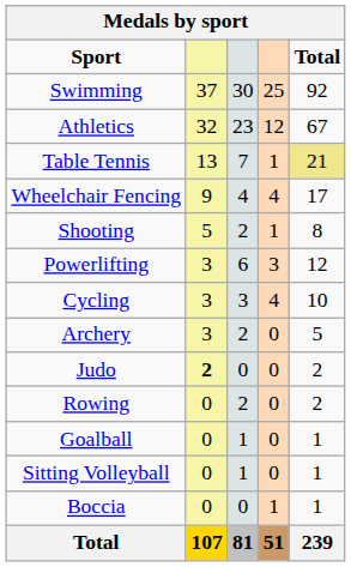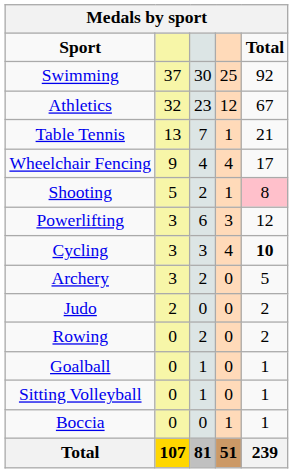 <table class="wikitable" style="font-size:85%; float:right;">
 <tr style="background:#efefef;">
 <th colspan=7>Medals by sport</th>
 </tr>
 <tr align=center>
 <td><strong>Sport</strong></td>
 <td style="background:#f7f6a8;"></td>
 <td style="background:#dce5e5;"></td>
 <td style="background:#ffdab9;"></td>
 <td><strong>Total</strong></td>
 </tr>
 <tr align=center>
 <td><a href='#'>Swimming</a></td>
 <td style="background:#f7f6a8;">37</td>
 <td style="background:#dce5e5;">30</td>
 <td style="background:#ffdab9;">25</td>
 <td>92</td>
 </tr>
 <tr align=center>
 <td><a href='#'>Athletics</a></td>
 <td style="background:#f7f6a8;">32</td>
 <td style="background:#dce5e5;">23</td>
 <td style="background:#ffdab9;">12</td>
 <td>67</td>
 </tr>
 <tr align=center>
 <td><a href='#'>Table Tennis</a></td>
 <td style="background:#f7f6a8;">13</td>
 <td style="background:#dce5e5;">7</td>
 <td style="background:#ffdab9;">1</td>
-<td style="background: khaki;">21</td>
+<td>21</td>
 </tr>
 <tr align=center>
 <td><a href='#'>Wheelchair Fencing</a></td>
 <td style="background:#f7f6a8;">9</td>
 <td style="background:#dce5e5;">4</td>
 <td style="background:#ffdab9;">4</td>
 <td>17</td>
 </tr>
 <tr align=center>
 <td><a href='#'>Shooting</a></td>
 <td style="background:#f7f6a8;">5</td>
 <td style="background:#dce5e5;">2</td>
 <td style="background:#ffdab9;">1</td>
-<td>8</td>
+<td style="background: pink;">8</td>
 </tr>
 <tr align=center>
 <td><a href='#'>Powerlifting</a></td>
 <td style="background:#f7f6a8;">3</td>
 <td style="background:#dce5e5;">6</td>
 <td style="background:#ffdab9;">3</td>
 <td>12</td>
 </tr>
 <tr align=center>
 <td><a href='#'>Cycling</a></td>
 <td style="background:#f7f6a8;">3</td>
 <td style="background:#dce5e5;">3</td>
 <td style="background:#ffdab9;">4</td>
-<td>10</td>
+<td><strong>10</strong></td>
 </tr>
 <tr align=center>
 <td><a href='#'>Archery</a></td>
 <td style="background:#f7f6a8;">3</td>
 <td style="background:#dce5e5;">2</td>
 <td style="background:#ffdab9;">0</td>
 <td>5</td>
 </tr>
 <tr align=center>
 <td><a href='#'>Judo</a></td>
-<td style="background:#f7f6a8;"><strong>2</strong></td>
+<td style="background:#f7f6a8;">2</td>
 <td style="background:#dce5e5;">0</td>
 <td style="background:#ffdab9;">0</td>
 <td>2</td>
 </tr>
 <tr align=center>
 <td><a href='#'>Rowing</a></td>
 <td style="background:#f7f6a8;">0</td>
 <td style="background:#dce5e5;">2</td>
 <td style="background:#ffdab9;">0</td>
 <td>2</td>
 </tr>
 <tr align=center>
 <td><a href='#'>Goalball</a></td>
 <td style="background:#f7f6a8;">0</td>
 <td style="background:#dce5e5;">1</td>
 <td style="background:#ffdab9;">0</td>
 <td>1</td>
 </tr>
 <tr align=center>
 <td><a href='#'>Sitting Volleyball</a></td>
 <td style="background:#f7f6a8;">0</td>
 <td style="background:#dce5e5;">1</td>
 <td style="background:#ffdab9;">0</td>
 <td>1</td>
 </tr>
 <tr align=center>
 <td><a href='#'>Boccia</a></td>
 <td style="background:#f7f6a8;">0</td>
 <td style="background:#dce5e5;">0</td>
 <td style="background:#ffdab9;">1</td>
 <td>1</td>
 </tr>
 <tr align=center>
 <th>Total</th>
 <th style="background:gold;">107</th>
 <th style="background:silver;">81</th>
 <th style="background:#c96;">51</th>
 <th>239</th>
 </tr>
 </table>
